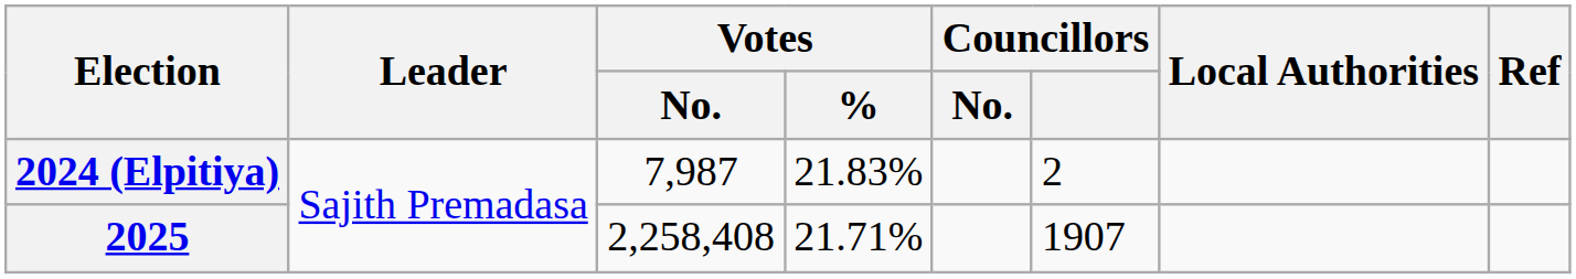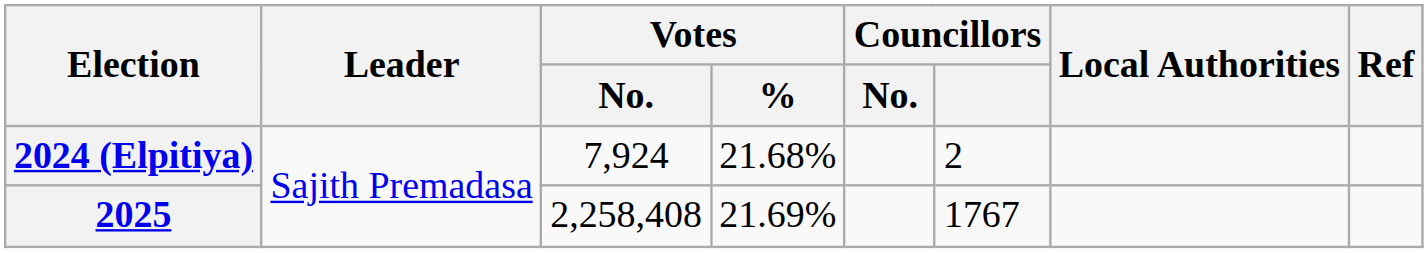 <table class="sortable wikitable">
 <tr>
 <th rowspan=2 style="background-color:">Election</th>
 <th rowspan=2 style="background-color:">Leader</th>
 <th colspan=2 style="background-color:">Votes</th>
 <th colspan=2 style="background-color:">Councillors</th>
 <th rowspan=2 style="background-color:">Local Authorities</th>
 <th rowspan=2 style="background-color:">Ref</th>
 </tr>
 <tr>
 <th style="background-color:">No.</th>
 <th style="background-color:">%</th>
 <th style="background-color:">No.</th>
 <th style="background-color:"></th>
 </tr>
 <tr>
 <th><a href='#'>2024 (Elpitiya)</a></th>
 <td rowspan="2"><a href='#'>Sajith Premadasa</a></td>
-<td align=center>7,987</td>
-<td align=center>21.83%</td>
+<td align=center>7,924</td>
+<td align=center>21.68%</td>
 <td></td>
 <td> 2</td>
 <td></td>
 <td></td>
 </tr>
 <tr>
 <th><a href='#'>2025</a></th>
 <td>2,258,408</td>
-<td>21.71%</td>
+<td>21.69%</td>
 <td></td>
-<td> 1907</td>
+<td> 1767</td>
 <td></td>
 <td></td>
 </tr>
 </table>
